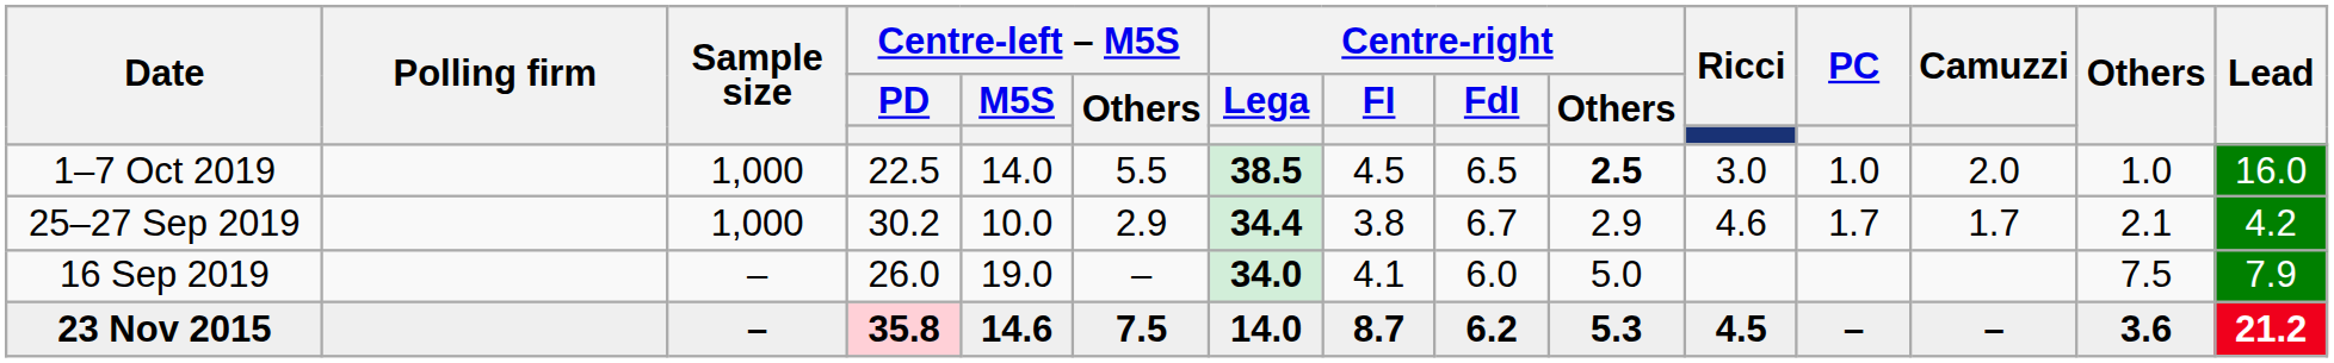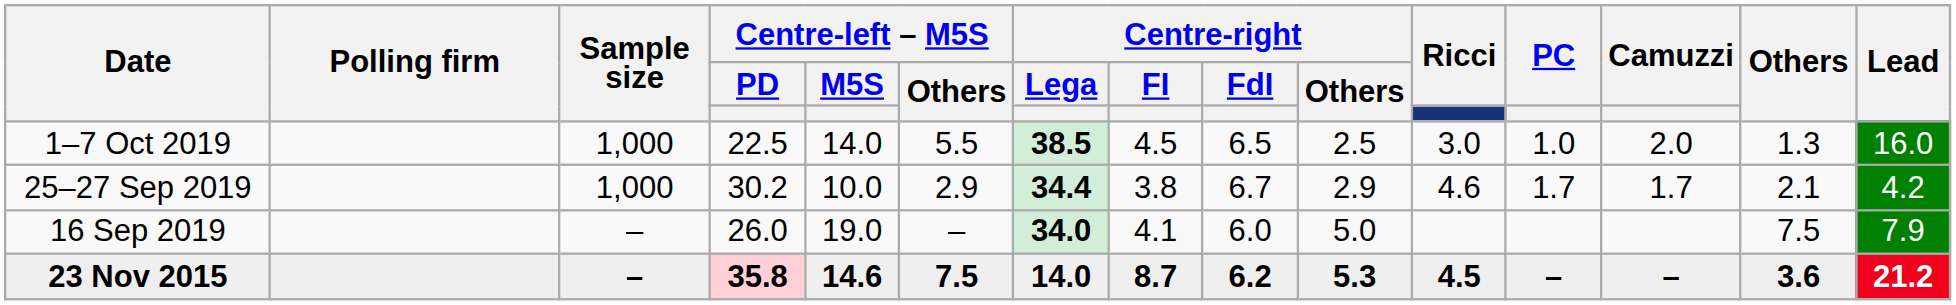 <table class=wikitable style="text-align:center;font-size:85%;line-height:13px">
 <tr style="height:25px; background-color:#E9E9E9">
 <th style="width:110px;" rowspan="3">Date</th>
 <th style="width:120px;" rowspan="3">Polling firm</th>
 <th style="width:60px;" rowspan="3">Sample size</th>
 <th colspan="3" style="width:35px;"><a href='#'>Centre-left</a> – <a href='#'>M5S</a></th>
 <th colspan="4" style="width:35px;"><a href='#'>Centre-right</a></th>
 <th rowspan="2" style="width:35px;">Ricci</th>
 <th rowspan="2" style="width:35px;"><a href='#'>PC</a></th>
 <th rowspan="2" style="width:35px;">Camuzzi</th>
 <th rowspan="3" style="width:35px;">Others</th>
 <th rowspan="3" style="width:35px;">Lead</th>
 </tr>
 <tr>
 <th style="width:35px;"><a href='#'>PD</a></th>
 <th style="width:35px;"><a href='#'>M5S</a></th>
 <th rowspan="2" style="width:35px;">Others</th>
 <th style="width:35px;"><a href='#'>Lega</a></th>
 <th style="width:35px;"><a href='#'>FI</a></th>
 <th style="width:35px;"><a href='#'>FdI</a></th>
 <th rowspan="2" style="width:35px;">Others</th>
 </tr>
 <tr>
 <th style="background:"></th>
 <th style="background:"></th>
 <th style="background:"></th>
 <th style="background:"></th>
 <th style="background:"></th>
 <th style="background:#193275;"></th>
 <th style="background:"></th>
 <th style="background:"></th>
 </tr>
 <tr>
 <td>1–7 Oct 2019</td>
 <td></td>
 <td>1,000</td>
 <td>22.5</td>
 <td>14.0</td>
 <td>5.5</td>
 <td style="background:#D2EED9"><strong>38.5</strong></td>
 <td>4.5</td>
 <td>6.5</td>
-<td><strong>2.5</strong></td>
+<td>2.5</td>
 <td>3.0</td>
 <td>1.0</td>
 <td>2.0</td>
-<td>1.0</td>
+<td>1.3</td>
 <td style="background:#008000; color:white;">16.0</td>
 </tr>
 <tr>
 <td>25–27 Sep 2019</td>
 <td></td>
 <td>1,000</td>
 <td>30.2</td>
 <td>10.0</td>
 <td>2.9</td>
 <td style="background:#D2EED9"><strong>34.4</strong></td>
 <td>3.8</td>
 <td>6.7</td>
 <td>2.9</td>
 <td>4.6</td>
 <td>1.7</td>
 <td>1.7</td>
 <td>2.1</td>
 <td style="background:#008000; color:white;">4.2</td>
 </tr>
 <tr>
 <td>16 Sep 2019</td>
 <td></td>
 <td>–</td>
 <td>26.0</td>
 <td>19.0</td>
 <td>–</td>
 <td style="background:#D2EED9"><strong>34.0</strong></td>
 <td>4.1</td>
 <td>6.0</td>
 <td>5.0</td>
 <td></td>
 <td></td>
 <td></td>
 <td>7.5</td>
 <td style="background:#008000; color:white;">7.9</td>
 </tr>
 <tr style="background:#EFEFEF; font-weight:bold;">
 <td>23 Nov 2015</td>
 <td></td>
 <td>–</td>
 <td style="background:#FFD0D7"><strong>35.8</strong></td>
 <td>14.6</td>
 <td>7.5</td>
 <td>14.0</td>
 <td>8.7</td>
 <td>6.2</td>
 <td>5.3</td>
 <td>4.5</td>
 <td>–</td>
 <td>–</td>
 <td>3.6</td>
 <td style="background:#F0001C; color:white;">21.2</td>
 </tr>
 </table>
